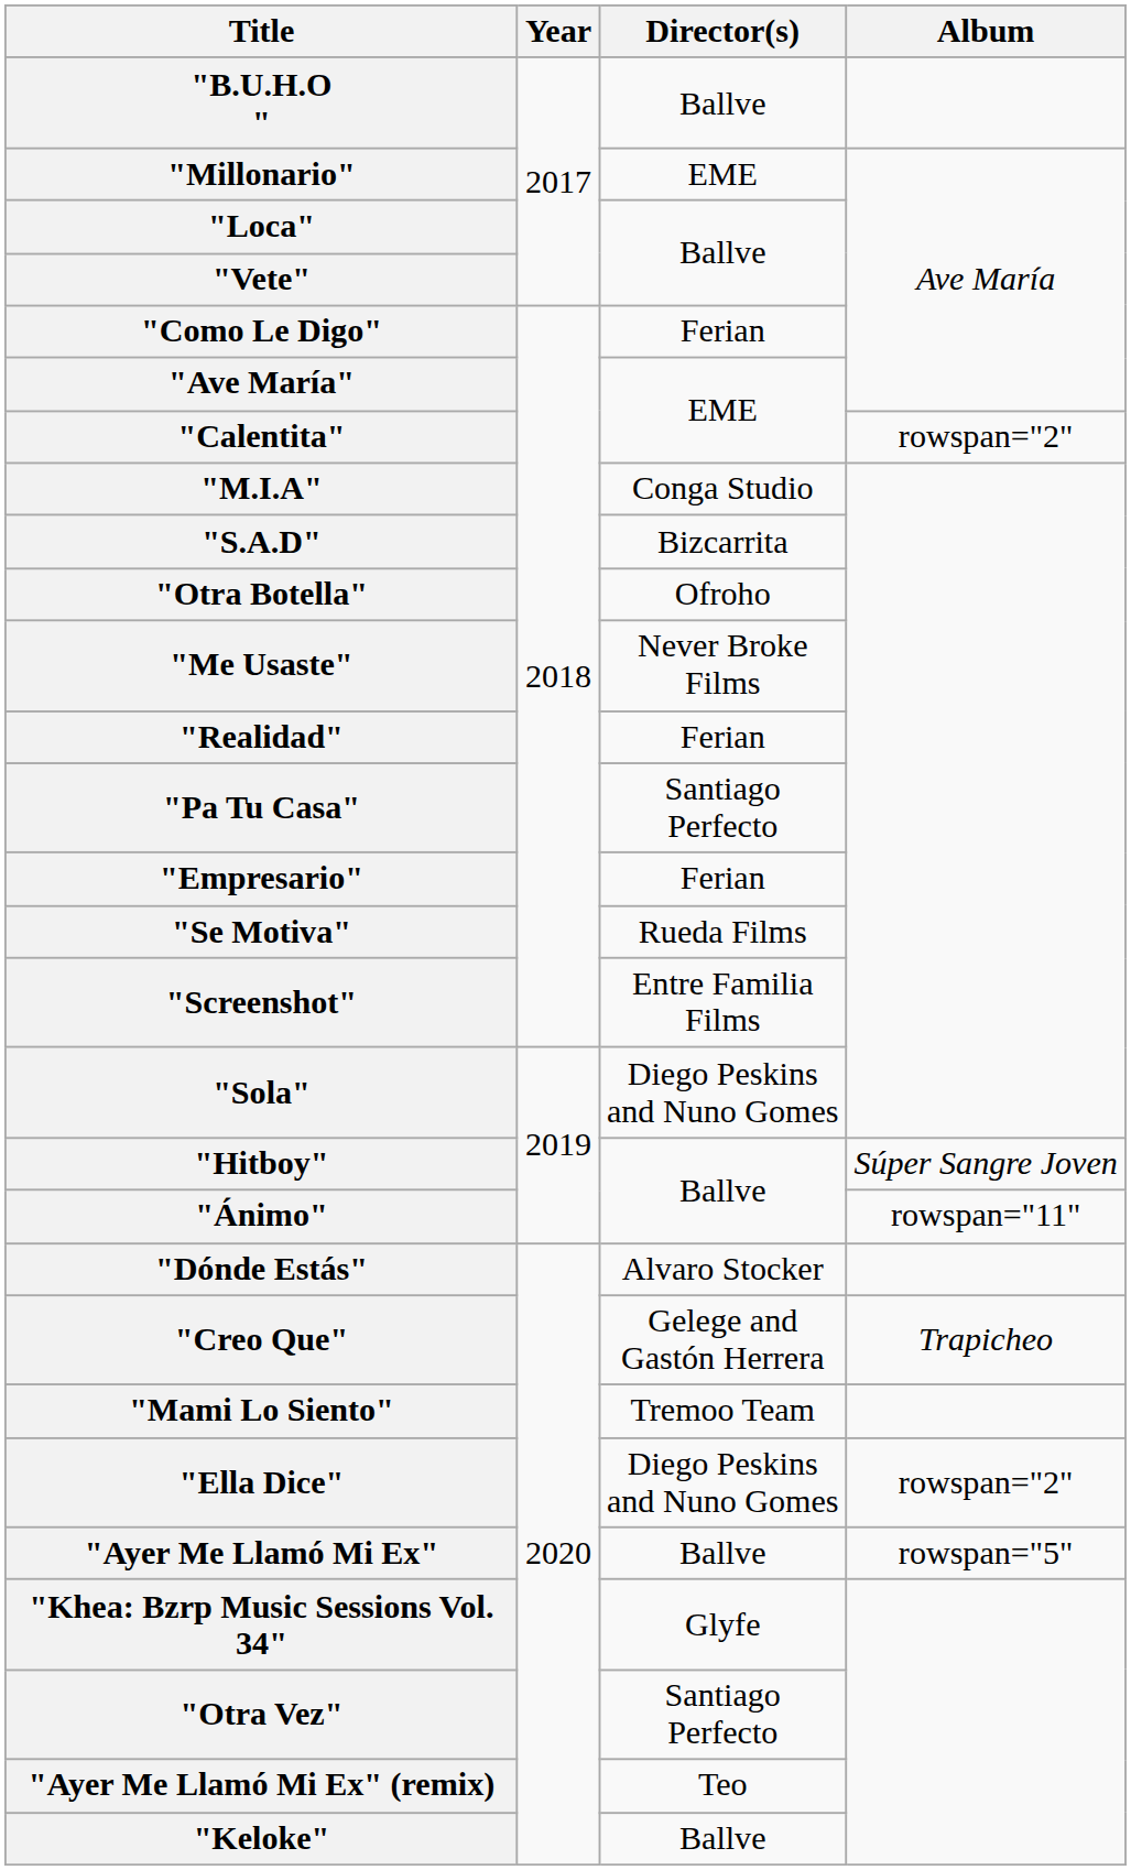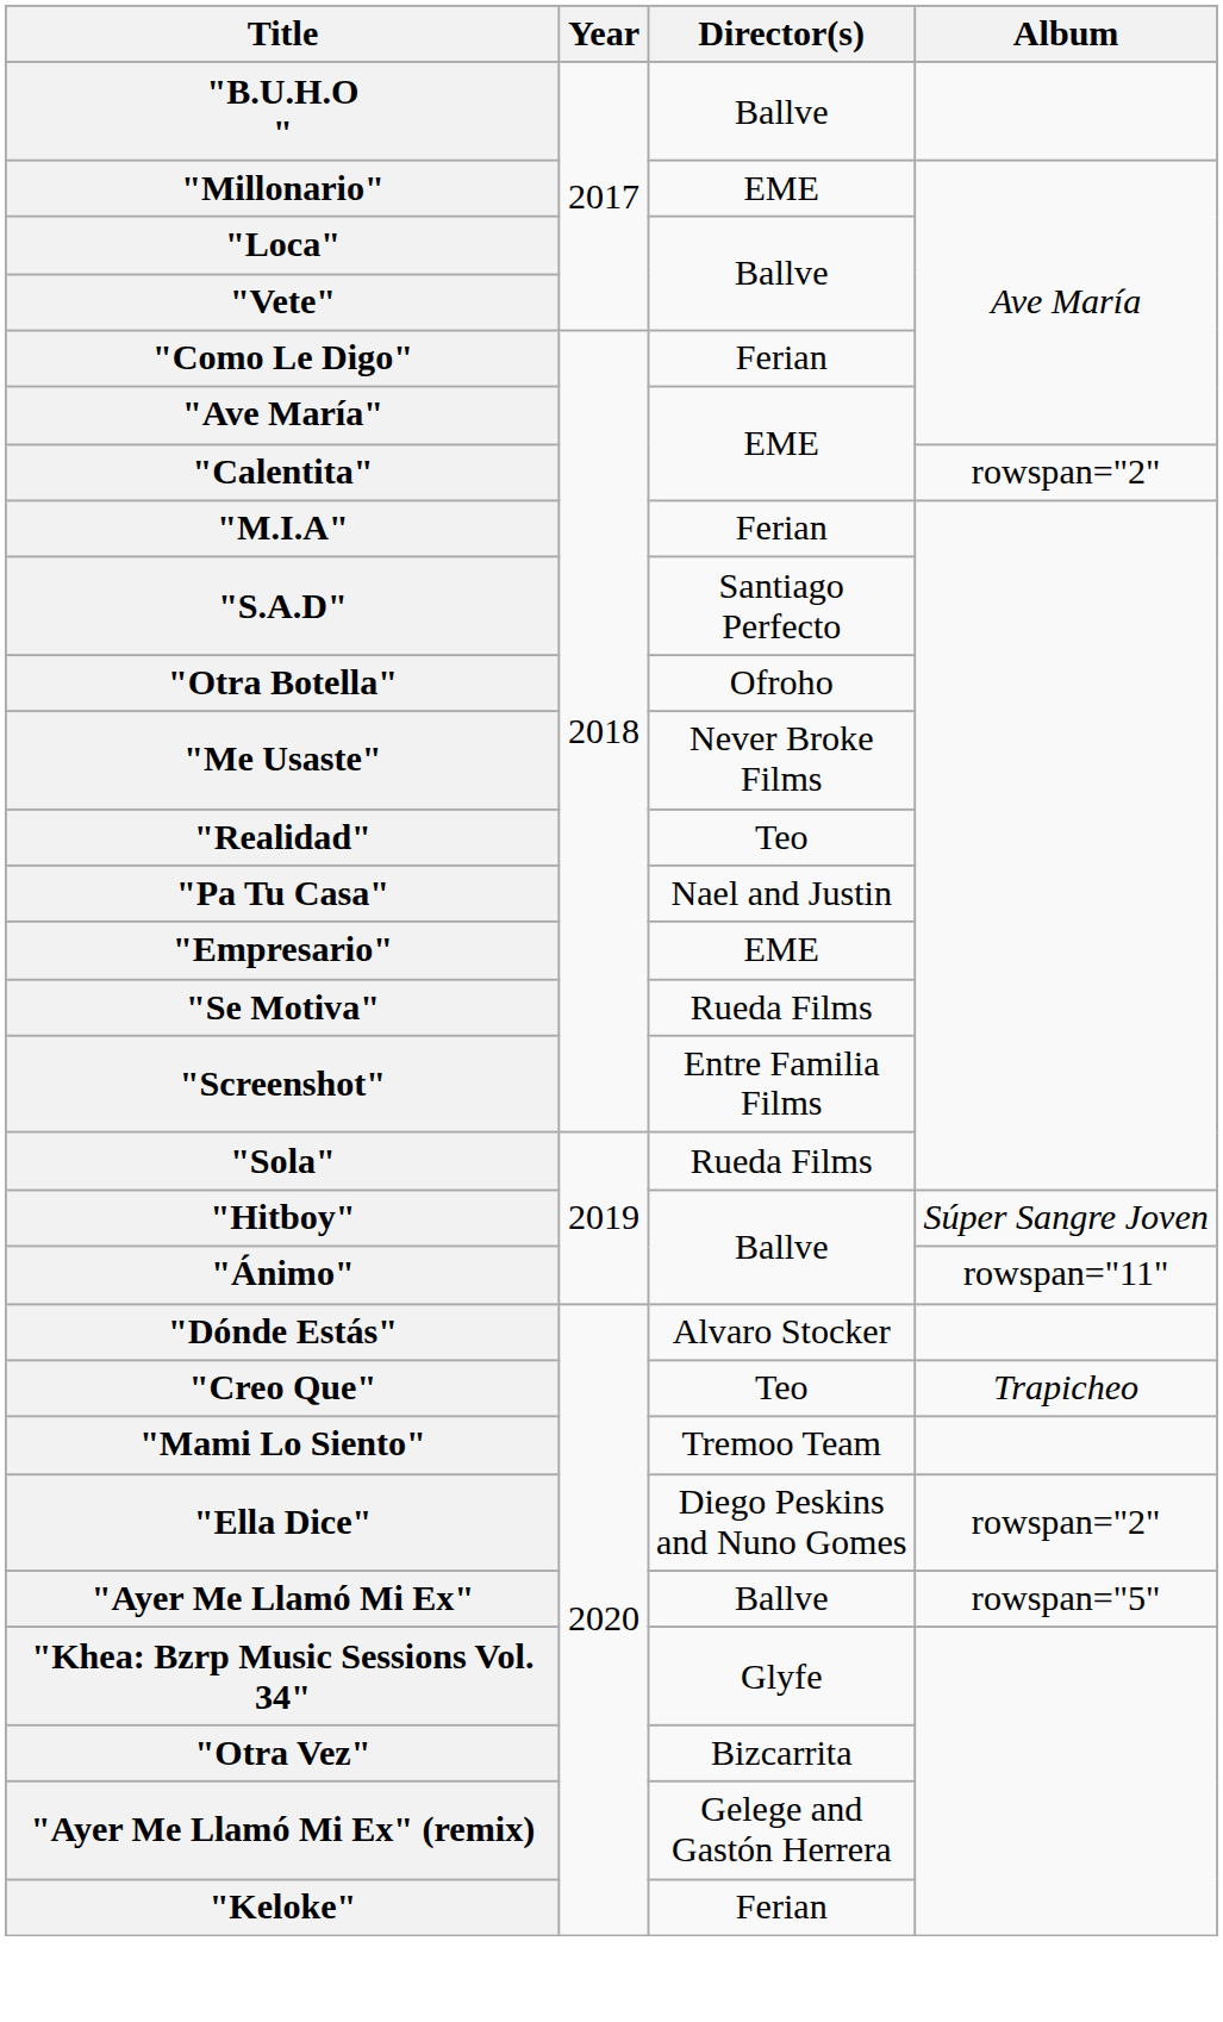 <table class="wikitable plainrowheaders" style="text-align:center;">
 <tr>
 <th scope="col" style="width:15em;">Title</th>
 <th scope="col">Year</th>
 <th scope="col" style="width:7em;">Director(s)</th>
 <th>Album</th>
 </tr>
 <tr>
 <th scope="row">"B.U.H.O<br>"</th>
 <td rowspan="4">2017</td>
 <td>Ballve</td>
 <td></td>
 </tr>
 <tr>
 <th scope="row">"Millonario"<br></th>
 <td>EME</td>
 <td rowspan="5"><em>Ave María</em></td>
 </tr>
 <tr>
 <th scope="row">"Loca"<br></th>
 <td rowspan="2">Ballve</td>
 </tr>
 <tr>
 <th scope="row">"Vete"</th>
 </tr>
 <tr>
 <th scope="row">"Como Le Digo"</th>
 <td rowspan="12">2018</td>
 <td>Ferian</td>
 </tr>
 <tr>
 <th scope="row">"Ave María"<br></th>
 <td rowspan="2">EME</td>
 </tr>
 <tr>
 <th scope="row">"Calentita"<br></th>
 <td>rowspan="2" </td>
 </tr>
 <tr>
 <th scope="row">"M.I.A"<br></th>
-<td>Conga Studio</td>
+<td>Ferian</td>
 </tr>
 <tr>
 <th scope="row">"S.A.D"</th>
-<td>Bizcarrita</td>
+<td>Santiago Perfecto</td>
 </tr>
 <tr>
 <th scope="row">"Otra Botella"<br></th>
 <td>Ofroho</td>
 </tr>
 <tr>
 <th scope="row">"Me Usaste"<br></th>
 <td>Never Broke Films</td>
 </tr>
 <tr>
 <th scope="row">"Realidad"</th>
-<td>Ferian</td>
+<td>Teo</td>
 </tr>
 <tr>
 <th scope="row">"Pa Tu Casa"<br></th>
-<td>Santiago Perfecto</td>
+<td>Nael and Justin</td>
 </tr>
 <tr>
 <th scope="row">"Empresario"<br></th>
-<td>Ferian</td>
+<td>EME</td>
 </tr>
 <tr>
 <th scope="row">"Se Motiva"<br></th>
 <td>Rueda Films</td>
 </tr>
 <tr>
 <th scope="row">"Screenshot"</th>
 <td>Entre Familia Films</td>
 </tr>
 <tr>
 <th scope="row">"Sola"<br></th>
 <td rowspan="3">2019</td>
-<td>Diego Peskins and Nuno Gomes</td>
+<td>Rueda Films</td>
 </tr>
 <tr>
 <th scope="row">"Hitboy"<br></th>
 <td rowspan="2">Ballve</td>
 <td><em>Súper Sangre Joven</em></td>
 </tr>
 <tr>
 <th scope="row">"Ánimo"<br></th>
 <td>rowspan="11" </td>
 </tr>
 <tr>
 <th scope="row">"Dónde Estás"</th>
 <td rowspan="9">2020</td>
 <td>Alvaro Stocker</td>
 </tr>
 <tr>
 <th scope="row">"Creo Que"<br></th>
-<td>Gelege and Gastón Herrera</td>
+<td>Teo</td>
 <td><em>Trapicheo</em></td>
 </tr>
 <tr>
 <th scope="row">"Mami Lo Siento"</th>
 <td>Tremoo Team</td>
 <td></td>
 </tr>
 <tr>
 <th scope="row">"Ella Dice"<br></th>
 <td>Diego Peskins and Nuno Gomes</td>
 <td>rowspan="2" </td>
 </tr>
 <tr>
 <th scope="row">"Ayer Me Llamó Mi Ex"<br></th>
 <td>Ballve</td>
 <td>rowspan="5" </td>
 </tr>
 <tr>
 <th scope="row">"Khea: Bzrp Music Sessions Vol. 34"<br></th>
 <td>Glyfe</td>
 </tr>
 <tr>
 <th scope="row">"Otra Vez"<br></th>
-<td>Santiago Perfecto</td>
+<td>Bizcarrita</td>
 </tr>
 <tr>
 <th scope="row">"Ayer Me Llamó Mi Ex" (remix)<br></th>
-<td>Teo</td>
+<td>Gelege and Gastón Herrera</td>
 </tr>
 <tr>
 <th scope="row">"Keloke"</th>
-<td>Ballve</td>
+<td>Ferian</td>
 </tr>
 </table>
